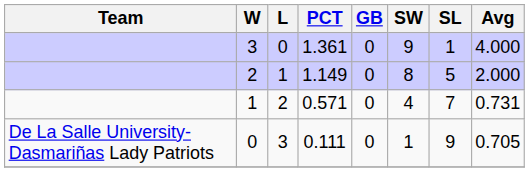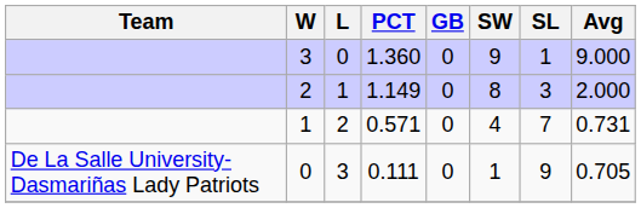 <table class=wikitable style="text-align:center;">
 <tr>
 <th width=200px>Team</th>
 <th width=20px>W</th>
 <th width=20px>L</th>
 <th width=35px><a href='#'>PCT</a></th>
 <th width=25px><a href='#'>GB</a></th>
 <th width=30px>SW</th>
 <th width=30px>SL</th>
 <th width=35px>Avg</th>
 </tr>
 <tr style="background:#CCCCFF;">
 <td align=left></td>
 <td>3</td>
 <td>0</td>
-<td>1.361</td>
+<td>1.360</td>
 <td>0</td>
 <td>9</td>
 <td>1</td>
-<td>4.000</td>
+<td>9.000</td>
 </tr>
 <tr style="background:#CCCCFF;">
 <td align=left></td>
 <td>2</td>
 <td>1</td>
 <td>1.149</td>
 <td>0</td>
 <td>8</td>
-<td>5</td>
+<td>3</td>
 <td>2.000</td>
 </tr>
 <tr>
 <td align=left></td>
 <td>1</td>
 <td>2</td>
 <td>0.571</td>
 <td>0</td>
 <td>4</td>
 <td>7</td>
 <td>0.731</td>
 </tr>
 <tr>
 <td align=left> <a href='#'>De La Salle University-Dasmariñas</a> Lady Patriots</td>
 <td>0</td>
 <td>3</td>
 <td>0.111</td>
 <td>0</td>
 <td>1</td>
 <td>9</td>
 <td>0.705</td>
 </tr>
 <tr>
 </tr>
 </table>
